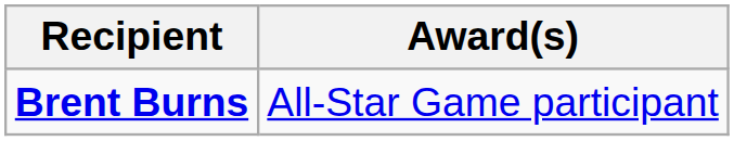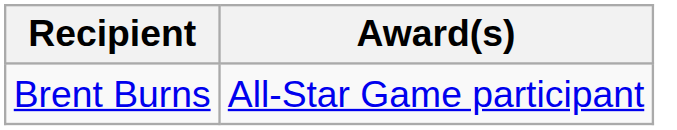 <table class="wikitable">
 <tr>
 <th>Recipient</th>
 <th>Award(s)</th>
 </tr>
 <tr>
-<td><strong><a href='#'>Brent Burns</a></strong></td>
+<td><a href='#'>Brent Burns</a></td>
 <td><a href='#'>All-Star Game participant</a></td>
 </tr>
 </table>
